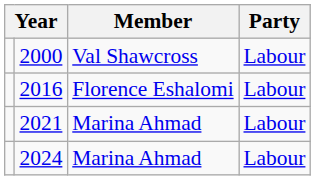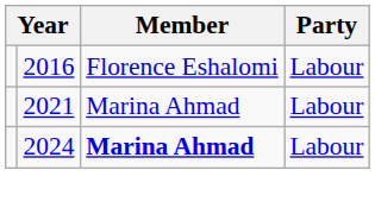 <table class="wikitable">
 <tr>
 <th colspan="2">Year</th>
 <th>Member</th>
 <th>Party</th>
-</tr>
-<tr>
-<td style="background-color: "></td>
-<td><a href='#'>2000</a></td>
-<td><a href='#'>Val Shawcross</a></td>
-<td><a href='#'>Labour</a></td>
 </tr>
 <tr>
 <td style="background-color: "></td>
 <td><a href='#'>2016</a></td>
 <td><a href='#'>Florence Eshalomi</a></td>
 <td><a href='#'>Labour</a></td>
 </tr>
 <tr>
 <td style="background-color: "></td>
 <td><a href='#'>2021</a></td>
 <td><a href='#'>Marina Ahmad</a></td>
 <td><a href='#'>Labour</a></td>
 </tr>
 <tr>
 <td style="background-color: "></td>
 <td><a href='#'>2024</a></td>
-<td><a href='#'>Marina Ahmad</a></td>
+<td><strong><a href='#'>Marina Ahmad</a></strong></td>
 <td><a href='#'>Labour</a></td>
 </tr>
 </table>
